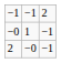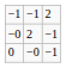 <table class="wikitable">
 <tr>
 <td>−1</td>
 <td>−1</td>
 <td>2</td>
 </tr>
 <tr>
 <td>−0</td>
-<td>1</td>
+<td>2</td>
 <td>−1</td>
 </tr>
 <tr>
-<td>2</td>
+<td>0</td>
 <td>−0</td>
 <td>−1</td>
 </tr>
 </table>
